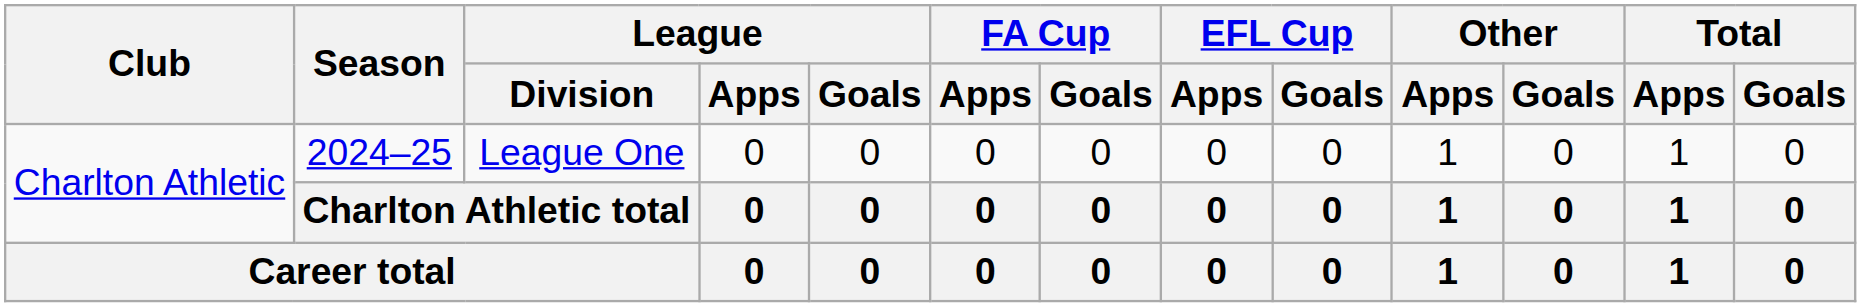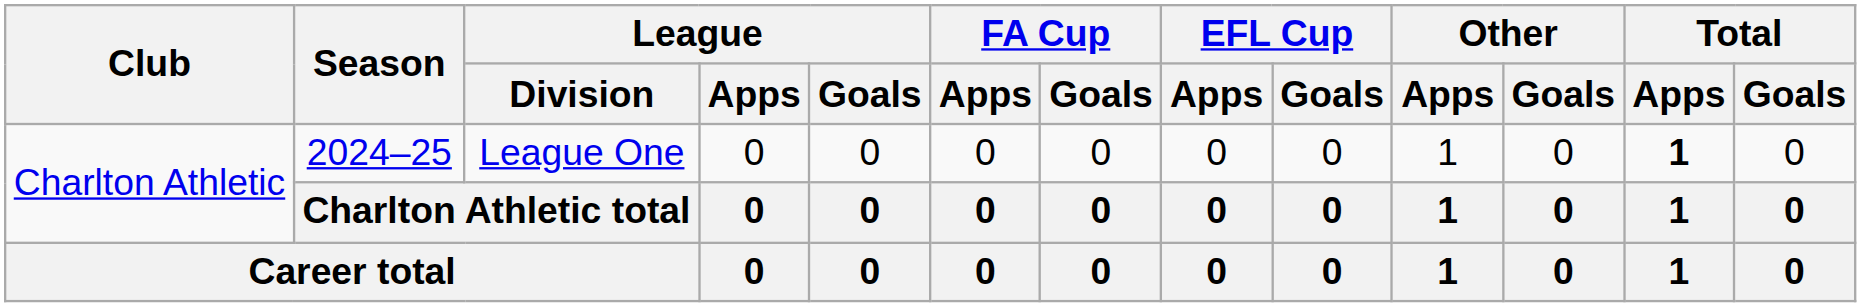 <table class="wikitable" style="text-align: center;">
 <tr>
 <th rowspan="2">Club</th>
 <th rowspan="2">Season</th>
 <th colspan="3">League</th>
 <th colspan="2"><a href='#'>FA Cup</a></th>
 <th colspan="2"><a href='#'>EFL Cup</a></th>
 <th colspan="2">Other</th>
 <th colspan="2">Total</th>
 </tr>
 <tr>
 <th>Division</th>
 <th>Apps</th>
 <th>Goals</th>
 <th>Apps</th>
 <th>Goals</th>
 <th>Apps</th>
 <th>Goals</th>
 <th>Apps</th>
 <th>Goals</th>
 <th>Apps</th>
 <th>Goals</th>
 </tr>
 <tr>
 <td rowspan="2"><a href='#'>Charlton Athletic</a></td>
 <td><a href='#'>2024–25</a></td>
 <td><a href='#'>League One</a></td>
 <td>0</td>
 <td>0</td>
 <td>0</td>
 <td>0</td>
 <td>0</td>
 <td>0</td>
 <td>1</td>
 <td>0</td>
-<td>1</td>
+<td><strong>1</strong></td>
 <td>0</td>
 </tr>
 <tr>
 <th colspan="2">Charlton Athletic total</th>
 <th>0</th>
 <th>0</th>
 <th>0</th>
 <th>0</th>
 <th>0</th>
 <th>0</th>
 <th>1</th>
 <th>0</th>
 <th>1</th>
 <th>0</th>
 </tr>
 <tr>
 <th colspan="3">Career total</th>
 <th>0</th>
 <th>0</th>
 <th>0</th>
 <th>0</th>
 <th>0</th>
 <th>0</th>
 <th>1</th>
 <th>0</th>
 <th>1</th>
 <th>0</th>
 </tr>
 </table>
